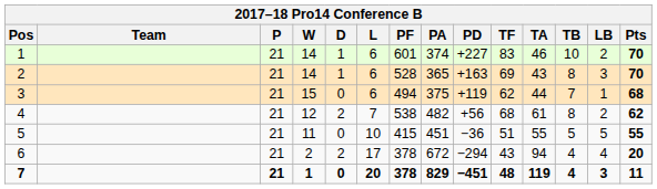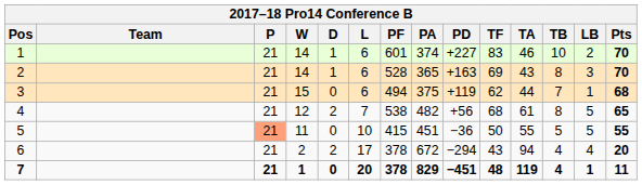 <table class="wikitable" style="text-align:center; line-height:100%; font-size:100%; width:60%;">
 <tr>
 <th colspan="100%" cellpadding="0" cellspacing="0">2017–18 Pro14 Conference B</th>
 </tr>
 <tr>
 <th style="width:5%;">Pos</th>
 <th style="width:35%;">Team</th>
 <th style="width:5%;">P</th>
 <th style="width:5%;">W</th>
 <th style="width:5%;">D</th>
 <th style="width:5%;">L</th>
 <th style="width:5%;">PF</th>
 <th style="width:5%;">PA</th>
 <th style="width:5%;">PD</th>
 <th style="width:5%;">TF</th>
 <th style="width:5%;">TA</th>
 <th style="width:5%;">TB</th>
 <th style="width:5%;">LB</th>
 <th style="width:5%;">Pts<br></th>
 </tr>
 <tr style="background:#E8FFD8;">
 <td>1</td>
 <td style="text-align:left;"></td>
 <td>21</td>
 <td>14</td>
 <td>1</td>
 <td>6</td>
 <td>601</td>
 <td>374</td>
 <td>+227</td>
 <td>83</td>
 <td>46</td>
 <td>10</td>
 <td>2</td>
 <td><strong>70</strong></td>
 </tr>
 <tr style="background:#FFE6BD;">
 <td>2</td>
 <td style="text-align:left;"></td>
 <td>21</td>
 <td>14</td>
 <td>1</td>
 <td>6</td>
 <td>528</td>
 <td>365</td>
 <td>+163</td>
 <td>69</td>
 <td>43</td>
 <td>8</td>
 <td>3</td>
 <td><strong>70</strong></td>
 </tr>
 <tr style="background:#FFE6BD;">
 <td>3</td>
 <td style="text-align:left;"></td>
 <td>21</td>
 <td>15</td>
 <td>0</td>
 <td>6</td>
 <td>494</td>
 <td>375</td>
 <td>+119</td>
 <td>62</td>
 <td>44</td>
 <td>7</td>
 <td>1</td>
 <td><strong>68</strong></td>
 </tr>
 <tr>
 <td>4</td>
 <td style="text-align:left;"></td>
 <td>21</td>
 <td>12</td>
 <td>2</td>
 <td>7</td>
 <td>538</td>
 <td>482</td>
 <td>+56</td>
 <td>68</td>
 <td>61</td>
 <td>8</td>
-<td>2</td>
-<td><strong>62</strong></td>
+<td>5</td>
+<td><strong>65</strong></td>
 </tr>
 <tr>
 <td>5</td>
 <td style="text-align:left;"></td>
-<td>21</td>
+<td style="background: lightsalmon;">21</td>
 <td>11</td>
 <td>0</td>
 <td>10</td>
 <td>415</td>
 <td>451</td>
 <td>−36</td>
-<td>51</td>
+<td>50</td>
 <td>55</td>
 <td>5</td>
 <td>5</td>
 <td><strong>55</strong></td>
 </tr>
 <tr>
 <td>6</td>
 <td style="text-align:left;"></td>
 <td>21</td>
 <td>2</td>
 <td>2</td>
 <td>17</td>
 <td>378</td>
 <td>672</td>
 <td>−294</td>
 <td>43</td>
 <td>94</td>
 <td>4</td>
 <td>4</td>
 <td><strong>20</strong></td>
 </tr>
 <tr style="font-weight:bold;">
 <td>7</td>
 <td style="text-align:left;"></td>
 <td>21</td>
 <td>1</td>
 <td>0</td>
 <td>20</td>
 <td>378</td>
 <td>829</td>
 <td>−451</td>
 <td>48</td>
 <td>119</td>
 <td>4</td>
-<td>3</td>
+<td>1</td>
 <td><strong>11</strong></td>
 </tr>
 </table>
